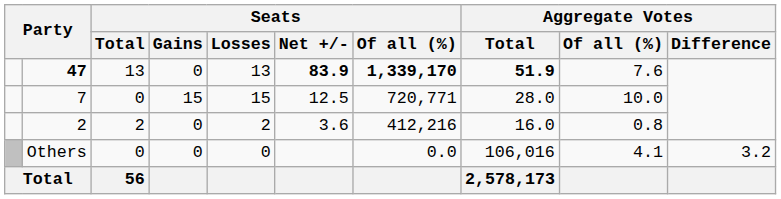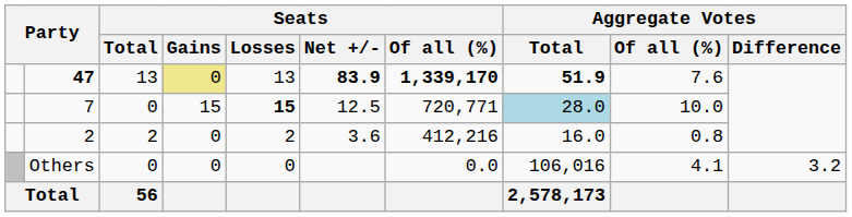 <table class="wikitable sortable" style="text-align:right; font-size:95%;">
 <tr>
 <th colspan="2" rowspan="2">Party</th>
 <th colspan="5">Seats</th>
 <th colspan="3">Aggregate Votes</th>
 </tr>
 <tr>
 <th>Total</th>
 <th>Gains</th>
 <th>Losses</th>
 <th>Net +/-</th>
 <th>Of all (%)</th>
 <th>Total</th>
 <th>Of all (%)</th>
 <th>Difference</th>
 </tr>
 <tr>
 <td></td>
 <td><strong>47</strong></td>
 <td>13</td>
-<td>0</td>
+<td style="background: khaki;">0</td>
 <td>13</td>
 <td><strong>83.9</strong></td>
 <td><strong>1,339,170</strong></td>
 <td><strong>51.9</strong></td>
 <td>7.6</td>
 </tr>
 <tr>
 <td></td>
 <td>7</td>
 <td>0</td>
 <td>15</td>
-<td>15</td>
+<td><strong>15</strong></td>
 <td>12.5</td>
 <td>720,771</td>
-<td>28.0</td>
+<td style="background: lightblue;">28.0</td>
 <td>10.0</td>
 </tr>
 <tr>
 <td></td>
 <td>2</td>
 <td>2</td>
 <td>0</td>
 <td>2</td>
 <td>3.6</td>
 <td>412,216</td>
 <td>16.0</td>
 <td>0.8</td>
 </tr>
 <tr>
 <td style="background:silver;"> </td>
 <td align=left>Others</td>
 <td>0</td>
 <td>0</td>
 <td>0</td>
 <td></td>
 <td>0.0</td>
 <td>106,016</td>
 <td>4.1</td>
 <td>3.2</td>
 </tr>
 <tr class="sortbottom">
 <th colspan="2" style="background:#f2f2f2"><strong>Total</strong></th>
 <td style="background:#f2f2f2;"><strong>56</strong></td>
 <td style="background:#f2f2f2;"></td>
 <td style="background:#f2f2f2;"></td>
 <td style="background:#f2f2f2;"></td>
 <td style="background:#f2f2f2;"></td>
 <td style="background:#f2f2f2;"><strong>2,578,173</strong></td>
 <td style="background:#f2f2f2;"></td>
 <td style="background:#f2f2f2;"></td>
 </tr>
 </table>
